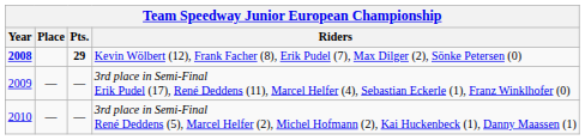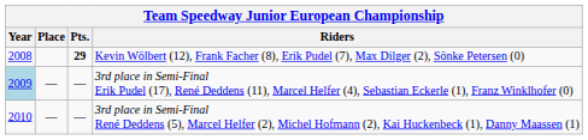 <table class=wikitable style="font-size: 90%;">
 <tr>
 <th colspan=4><big><a href='#'>Team Speedway Junior European Championship</a></big></th>
 </tr>
 <tr>
 <th>Year</th>
 <th>Place</th>
 <th>Pts.</th>
 <th>Riders</th>
 </tr>
 <tr align=center>
-<td><strong><a href='#'>2008</a></strong></td>
+<td><a href='#'>2008</a></td>
 <td></td>
 <td><strong>29</strong></td>
 <td align=left><a href='#'>Kevin Wölbert</a> (12), <a href='#'>Frank Facher</a> (8), <a href='#'>Erik Pudel</a> (7), <a href='#'>Max Dilger</a> (2), <a href='#'>Sönke Petersen</a> (0)</td>
 </tr>
 <tr align=center >
-<td><a href='#'>2009</a></td>
+<td style="background: lightblue;"><a href='#'>2009</a></td>
 <td>—</td>
 <td>—</td>
 <td align=left><em>3rd place in Semi-Final</em> <br> <a href='#'>Erik Pudel</a> (17), <a href='#'>René Deddens</a> (11), <a href='#'>Marcel Helfer</a> (4), <a href='#'>Sebastian Eckerle</a> (1), <a href='#'>Franz Winklhofer</a> (0)</td>
 </tr>
 <tr align=center >
 <td><a href='#'>2010</a></td>
 <td>—</td>
 <td>—</td>
 <td align=left><em>3rd place in Semi-Final</em> <br> <a href='#'>René Deddens</a> (5), <a href='#'>Marcel Helfer</a> (2), 	<a href='#'>Michel Hofmann</a> (2), <a href='#'>Kai Huckenbeck</a> (1), <a href='#'>Danny Maassen</a> (1)</td>
 </tr>
 </table>
